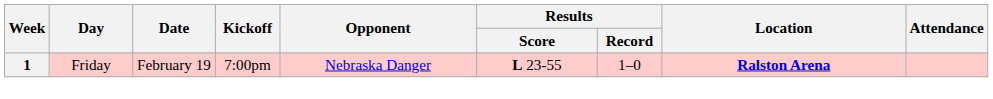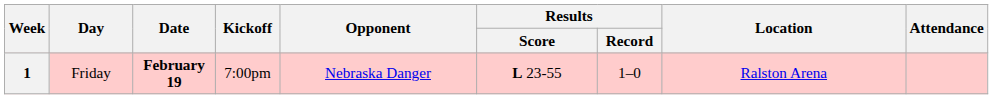 <table class="wikitable">
 <tr>
 <th rowspan="2" width="40">Week</th>
 <th rowspan="2" width="80">Day</th>
 <th rowspan="2" width="80">Date</th>
 <th rowspan="2" width="60">Kickoff</th>
 <th rowspan="2" width="200">Opponent</th>
 <th colspan="2" width="180">Results</th>
 <th rowspan="2" width="250">Location</th>
 <th rowspan="2" width=>Attendance</th>
 </tr>
 <tr>
 <th width="120">Score</th>
 <th width="60">Record</th>
 </tr>
 <tr align="center" bgcolor="#FFCCCC">
 <th>1</th>
 <td>Friday</td>
-<td>February 19</td>
+<td><strong>February 19</strong></td>
 <td>7:00pm</td>
 <td><a href='#'>Nebraska Danger</a></td>
 <td><strong>L</strong> 23-55</td>
 <td>1–0</td>
-<td><strong><a href='#'>Ralston Arena</a></strong></td>
+<td><a href='#'>Ralston Arena</a></td>
 <td></td>
 </tr>
 </table>
